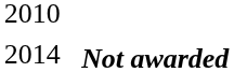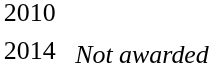 <table>
 <tr>
 <td>2010<br></td>
 <td></td>
 <td></td>
 <td></td>
 </tr>
 <tr>
 <td rowspan=2>2014<br></td>
 <td rowspan=2></td>
 <td rowspan=2></td>
 <td></td>
 </tr>
 <tr>
-<td><strong><em>Not awarded</em></strong></td>
+<td><em>Not awarded</em></td>
 </tr>
 </table>
